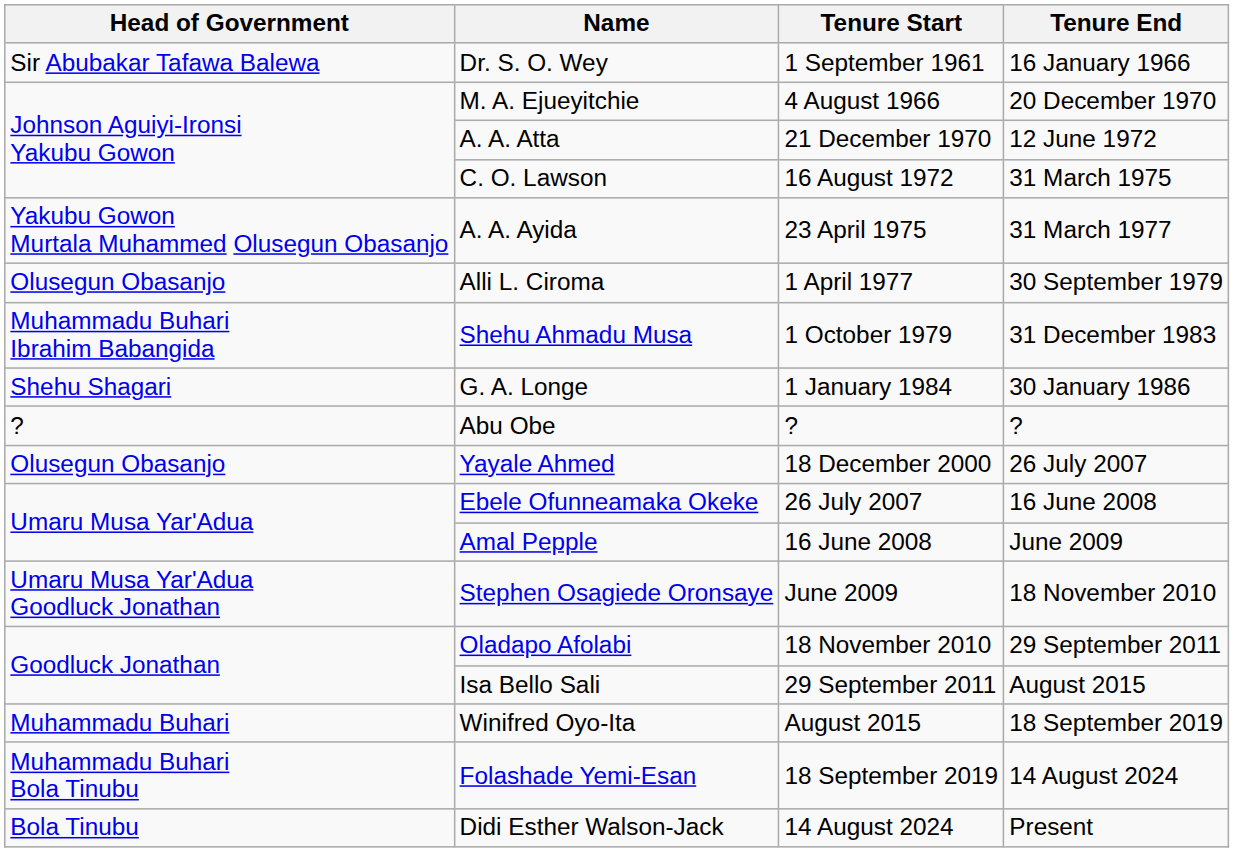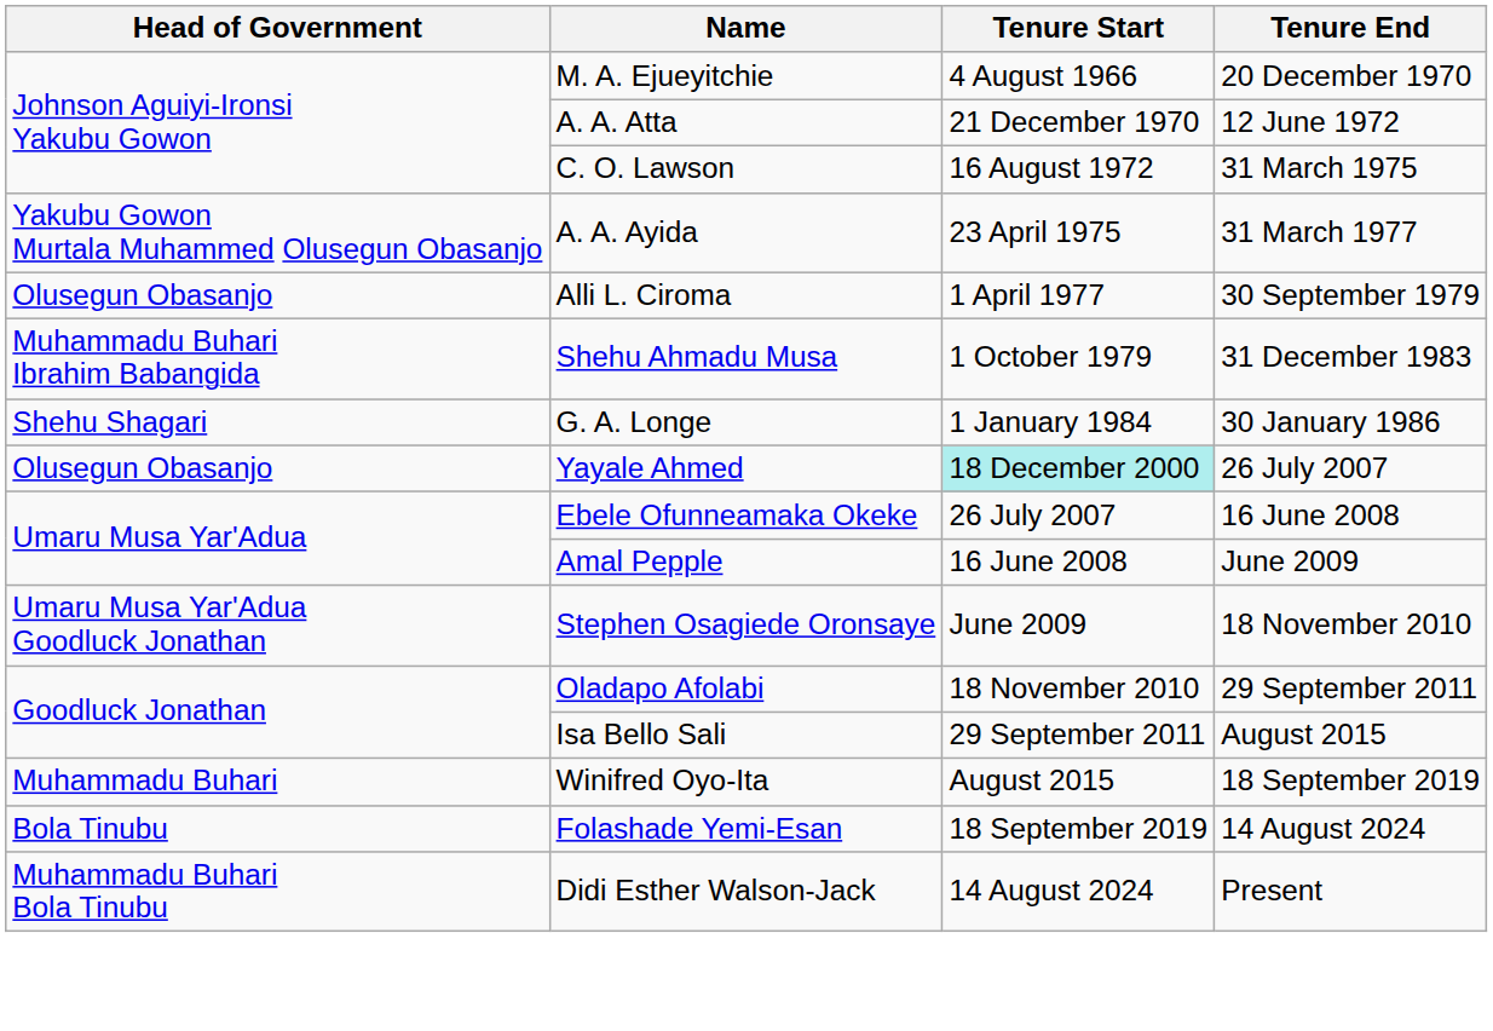 <table class="wikitable">
 <tr>
 <th>Head of Government</th>
 <th>Name</th>
 <th>Tenure Start</th>
 <th>Tenure End</th>
-</tr>
-<tr>
-<td>Sir <a href='#'>Abubakar Tafawa Balewa</a></td>
-<td>Dr. S. O. Wey</td>
-<td>1 September 1961</td>
-<td>16 January 1966</td>
 </tr>
 <tr>
 <td rowspan="3"><a href='#'>Johnson Aguiyi-Ironsi</a><br><a href='#'>Yakubu Gowon</a></td>
 <td>M. A. Ejueyitchie</td>
 <td>4 August 1966</td>
 <td>20 December 1970</td>
 </tr>
 <tr>
 <td>A. A. Atta</td>
 <td>21 December 1970</td>
 <td>12 June 1972</td>
 </tr>
 <tr>
 <td>C. O. Lawson</td>
 <td>16 August 1972</td>
 <td>31 March 1975</td>
 </tr>
 <tr>
 <td><a href='#'>Yakubu Gowon</a><br><a href='#'>Murtala Muhammed</a> <a href='#'>Olusegun Obasanjo</a></td>
 <td>A. A. Ayida</td>
 <td>23 April 1975</td>
 <td>31 March 1977</td>
 </tr>
 <tr>
 <td><a href='#'>Olusegun Obasanjo</a></td>
 <td>Alli L. Ciroma</td>
 <td>1 April 1977</td>
 <td>30 September 1979</td>
 </tr>
 <tr>
 <td><a href='#'>Muhammadu Buhari</a><br><a href='#'>Ibrahim Babangida</a></td>
 <td><a href='#'>Shehu Ahmadu Musa</a></td>
 <td>1 October 1979</td>
 <td>31 December 1983</td>
 </tr>
 <tr>
 <td><a href='#'>Shehu Shagari</a></td>
 <td>G. A. Longe</td>
 <td>1 January 1984</td>
 <td>30 January 1986</td>
 </tr>
 <tr>
-<td>?</td>
-<td>Abu Obe</td>
-<td>?</td>
-<td>?</td>
-</tr>
-<tr>
 <td><a href='#'>Olusegun Obasanjo</a></td>
 <td><a href='#'>Yayale Ahmed</a></td>
-<td>18 December 2000</td>
+<td style="background: paleturquoise;">18 December 2000</td>
 <td>26 July 2007</td>
 </tr>
 <tr>
 <td rowspan="2"><a href='#'>Umaru Musa Yar'Adua</a></td>
 <td><a href='#'>Ebele Ofunneamaka Okeke</a></td>
 <td>26 July 2007</td>
 <td>16 June 2008</td>
 </tr>
 <tr>
 <td><a href='#'>Amal Pepple</a></td>
 <td>16 June 2008</td>
 <td>June 2009</td>
 </tr>
 <tr>
 <td><a href='#'>Umaru Musa Yar'Adua</a><br><a href='#'>Goodluck Jonathan</a></td>
 <td><a href='#'>Stephen Osagiede Oronsaye</a></td>
 <td>June 2009</td>
 <td>18 November 2010</td>
 </tr>
 <tr>
 <td rowspan="2"><a href='#'>Goodluck Jonathan</a></td>
 <td><a href='#'>Oladapo Afolabi</a></td>
 <td>18 November 2010</td>
 <td>29 September 2011</td>
 </tr>
 <tr>
 <td>Isa Bello Sali</td>
 <td>29 September 2011</td>
 <td>August 2015</td>
 </tr>
 <tr>
 <td><a href='#'>Muhammadu Buhari</a></td>
 <td>Winifred Oyo-Ita</td>
 <td>August 2015</td>
 <td>18 September 2019</td>
 </tr>
 <tr>
-<td><a href='#'>Muhammadu Buhari</a><br><a href='#'>Bola Tinubu</a></td>
+<td><a href='#'>Bola Tinubu</a></td>
 <td><a href='#'>Folashade Yemi-Esan</a></td>
 <td>18 September 2019</td>
 <td>14 August 2024</td>
 </tr>
 <tr>
-<td><a href='#'>Bola Tinubu</a></td>
+<td><a href='#'>Muhammadu Buhari</a><br><a href='#'>Bola Tinubu</a></td>
 <td>Didi Esther Walson-Jack</td>
 <td>14 August 2024</td>
 <td>Present</td>
 </tr>
 </table>
